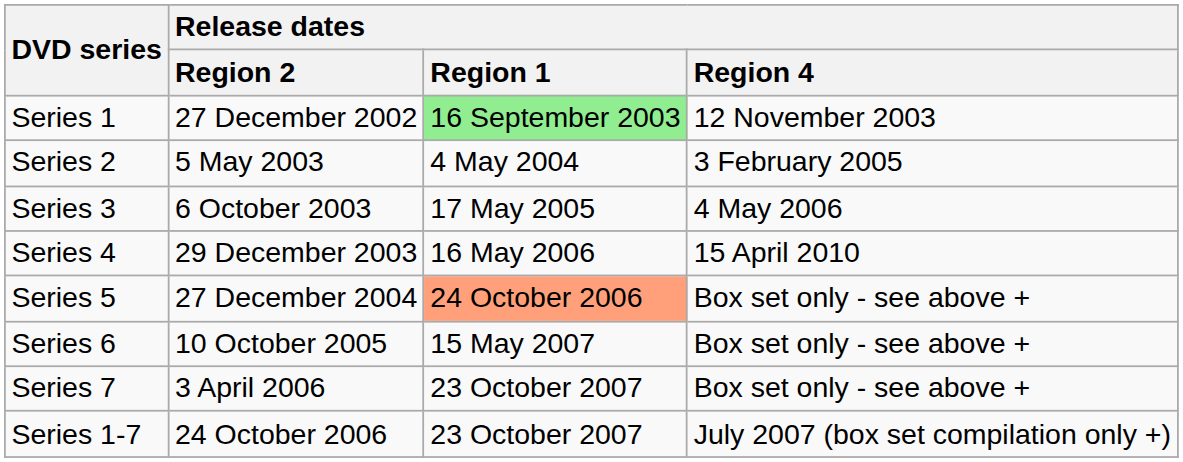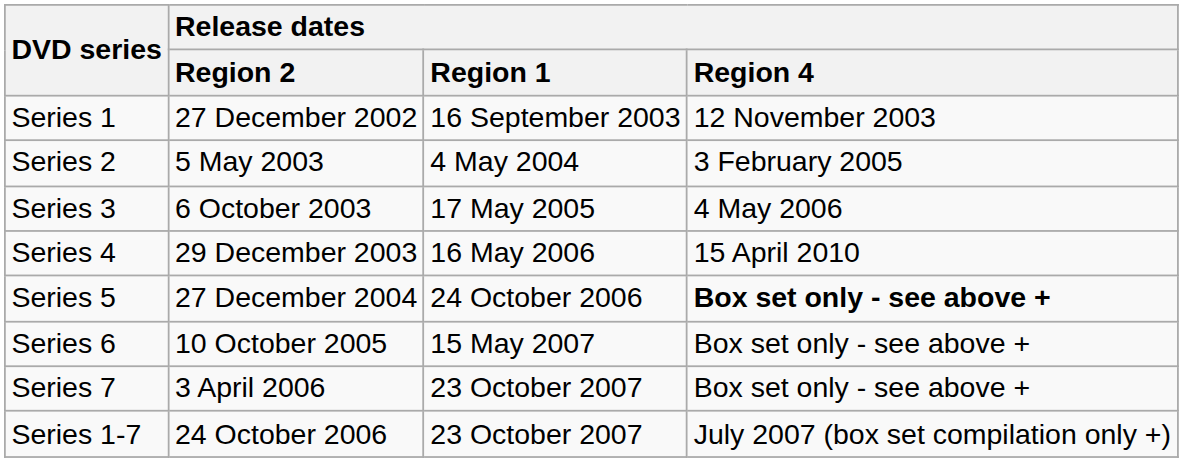 <table class="wikitable">
 <tr>
 <td rowspan="2" bgcolor="#f2f2f2"><div><strong>DVD series</strong></div></td>
 <td colspan="3" bgcolor="#f2f2f2"><div><strong>Release dates</strong></div></td>
 </tr>
 <tr>
 <td bgcolor="#f2f2f2"><div><strong>Region 2</strong></div></td>
 <td bgcolor="#f2f2f2"><div><strong>Region 1</strong></div></td>
 <td bgcolor="#f2f2f2"><div><strong>Region 4</strong></div></td>
 </tr>
 <tr>
 <td>Series 1</td>
 <td>27 December 2002</td>
-<td style="background: lightgreen;">16 September 2003</td>
+<td>16 September 2003</td>
 <td>12 November 2003</td>
 </tr>
 <tr>
 <td>Series 2</td>
 <td>5 May 2003</td>
 <td>4 May 2004</td>
 <td>3 February 2005</td>
 </tr>
 <tr>
 <td>Series 3</td>
 <td>6 October 2003</td>
 <td>17 May 2005</td>
 <td>4 May 2006</td>
 </tr>
 <tr>
 <td>Series 4</td>
 <td>29 December 2003</td>
 <td>16 May 2006</td>
 <td>15 April 2010</td>
 </tr>
 <tr>
 <td>Series 5</td>
 <td>27 December 2004</td>
-<td style="background: lightsalmon;">24 October 2006</td>
-<td>Box set only - see above +</td>
+<td>24 October 2006</td>
+<td><strong>Box set only - see above +</strong></td>
 </tr>
 <tr>
 <td>Series 6</td>
 <td>10 October 2005</td>
 <td>15 May 2007</td>
 <td>Box set only - see above +</td>
 </tr>
 <tr>
 <td>Series 7</td>
 <td>3 April 2006</td>
 <td>23 October 2007</td>
 <td>Box set only - see above +</td>
 </tr>
 <tr>
 <td>Series 1-7</td>
 <td>24 October 2006</td>
 <td>23 October 2007</td>
 <td>July 2007 (box set compilation only +)</td>
 </tr>
 </table>
